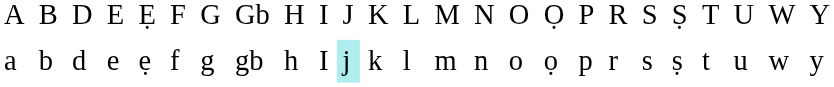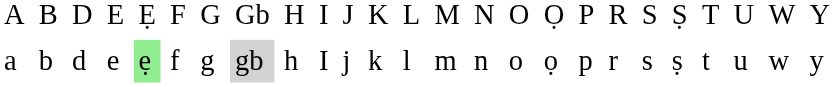 <table cellpadding="3">
 <tr>
 <td>A</td>
 <td>B</td>
 <td>D</td>
 <td>E</td>
 <td>Ẹ</td>
 <td>F</td>
 <td>G</td>
 <td>Gb</td>
 <td>H</td>
 <td>I</td>
 <td>J</td>
 <td>K</td>
 <td>L</td>
 <td>M</td>
 <td>N</td>
 <td>O</td>
 <td>Ọ</td>
 <td>P</td>
 <td>R</td>
 <td>S</td>
 <td>Ṣ</td>
 <td>T</td>
 <td>U</td>
 <td>W</td>
 <td>Y</td>
 </tr>
 <tr>
 <td>a</td>
 <td>b</td>
 <td>d</td>
 <td>e</td>
-<td>ẹ</td>
+<td style="background: lightgreen;">ẹ</td>
 <td>f</td>
 <td>g</td>
-<td>gb</td>
+<td style="background: lightgrey;">gb</td>
 <td>h</td>
 <td>I</td>
-<td style="background: paleturquoise;">j</td>
+<td>j</td>
 <td>k</td>
 <td>l</td>
 <td>m</td>
 <td>n</td>
 <td>o</td>
 <td>ọ</td>
 <td>p</td>
 <td>r</td>
 <td>s</td>
 <td>ṣ</td>
 <td>t</td>
 <td>u</td>
 <td>w</td>
 <td>y</td>
 </tr>
 </table>
